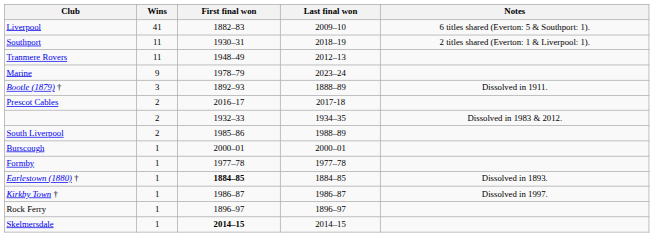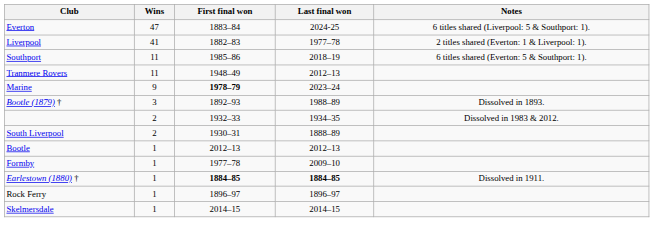 <table class="wikitable sortable" style="text-align: center; width: 100%; font-size: 12px">
 <tr>
 <th>Club</th>
 <th>Wins</th>
 <th>First final won</th>
 <th>Last final won</th>
 <th>Notes</th>
 </tr>
 <tr>
+<td style="text-align: left"><a href='#'>Everton</a></td>
+<td>47</td>
+<td>1883–84</td>
+<td>2024-25</td>
+<td>6 titles shared (Liverpool: 5 & Southport: 1).</td>
+</tr>
+<tr>
 <td style="text-align: left"><a href='#'>Liverpool</a></td>
 <td>41</td>
 <td>1882–83</td>
-<td>2009–10</td>
-<td>6 titles shared (Everton: 5 & Southport: 1).</td>
+<td>1977–78</td>
+<td>2 titles shared (Everton: 1 & Liverpool: 1).</td>
 </tr>
 <tr>
 <td style="text-align: left"><a href='#'>Southport</a></td>
 <td>11</td>
-<td>1930–31</td>
+<td>1985–86</td>
 <td>2018–19</td>
-<td>2 titles shared (Everton: 1 & Liverpool: 1).</td>
+<td>6 titles shared (Everton: 5 & Southport: 1).</td>
 </tr>
 <tr>
 <td style="text-align: left"><a href='#'>Tranmere Rovers</a></td>
 <td>11</td>
 <td>1948–49</td>
 <td>2012–13</td>
 <td></td>
 </tr>
 <tr>
 <td style="text-align: left"><a href='#'>Marine</a></td>
 <td>9</td>
-<td>1978–79</td>
+<td><strong>1978–79</strong></td>
 <td>2023–24</td>
 <td></td>
 </tr>
 <tr>
 <td style="text-align: left"><em><a href='#'>Bootle (1879)</a></em> †</td>
 <td>3</td>
 <td>1892–93</td>
-<td>1888–89</td>
-<td>Dissolved in 1911.</td>
-</tr>
-<tr>
-<td style="text-align: left"><a href='#'>Prescot Cables</a></td>
-<td>2</td>
-<td>2016–17</td>
-<td>2017-18</td>
-<td></td>
+<td>1988–89</td>
+<td>Dissolved in 1893.</td>
 </tr>
 <tr>
 <td style="text-align: left"></td>
 <td>2</td>
 <td>1932–33</td>
 <td>1934–35</td>
 <td>Dissolved in 1983 & 2012.</td>
 </tr>
 <tr>
 <td style="text-align: left"><a href='#'>South Liverpool</a></td>
 <td>2</td>
-<td>1985–86</td>
-<td>1988–89</td>
+<td>1930–31</td>
+<td>1888–89</td>
 <td></td>
 </tr>
 <tr>
-<td style="text-align: left"><a href='#'>Burscough</a></td>
+<td style="text-align: left"><a href='#'>Bootle</a></td>
 <td>1</td>
-<td>2000–01</td>
-<td>2000–01</td>
+<td>2012–13</td>
+<td>2012–13</td>
 <td></td>
 </tr>
 <tr>
 <td style="text-align: left"><a href='#'>Formby</a></td>
 <td>1</td>
 <td>1977–78</td>
-<td>1977–78</td>
+<td>2009–10</td>
 <td></td>
 </tr>
 <tr>
 <td style="text-align: left"><em><a href='#'>Earlestown (1880)</a></em> †</td>
 <td>1</td>
 <td><strong>1884–85</strong></td>
-<td>1884–85</td>
-<td>Dissolved in 1893.</td>
-</tr>
-<tr>
-<td style="text-align: left"><em><a href='#'>Kirkby Town</a></em> †</td>
-<td>1</td>
-<td>1986–87</td>
-<td>1986–87</td>
-<td>Dissolved in 1997.</td>
+<td><strong>1884–85</strong></td>
+<td>Dissolved in 1911.</td>
 </tr>
 <tr>
 <td style="text-align: left">Rock Ferry</td>
 <td>1</td>
 <td>1896–97</td>
 <td>1896–97</td>
 <td></td>
 </tr>
 <tr>
 <td style="text-align: left"><a href='#'>Skelmersdale</a></td>
 <td>1</td>
-<td><strong>2014–15</strong></td>
+<td>2014–15</td>
 <td>2014–15</td>
 <td></td>
 </tr>
 </table>
